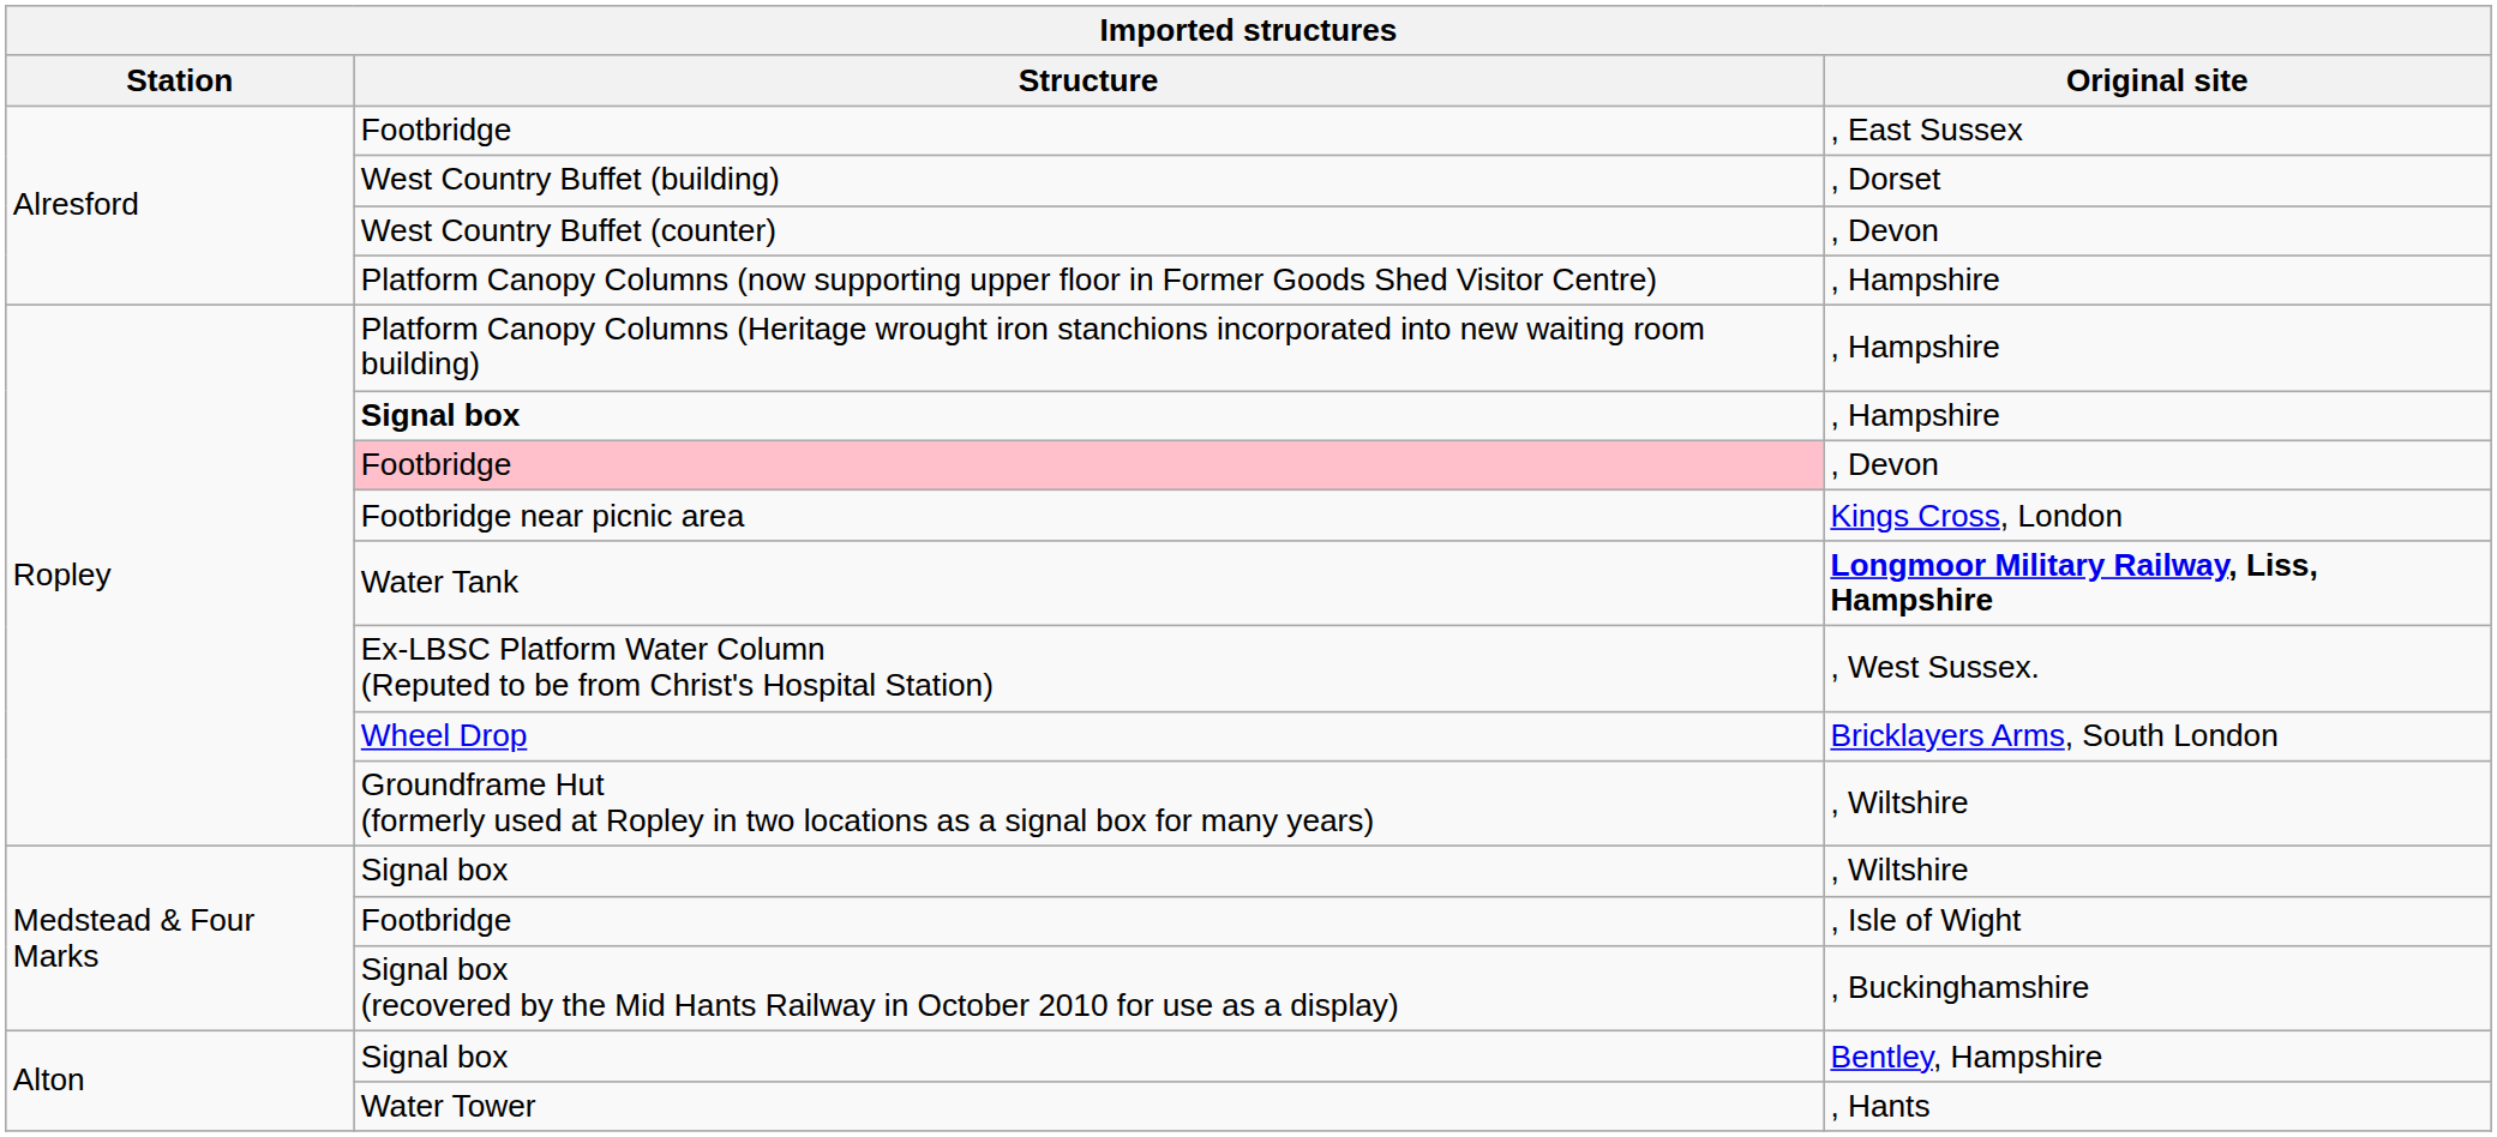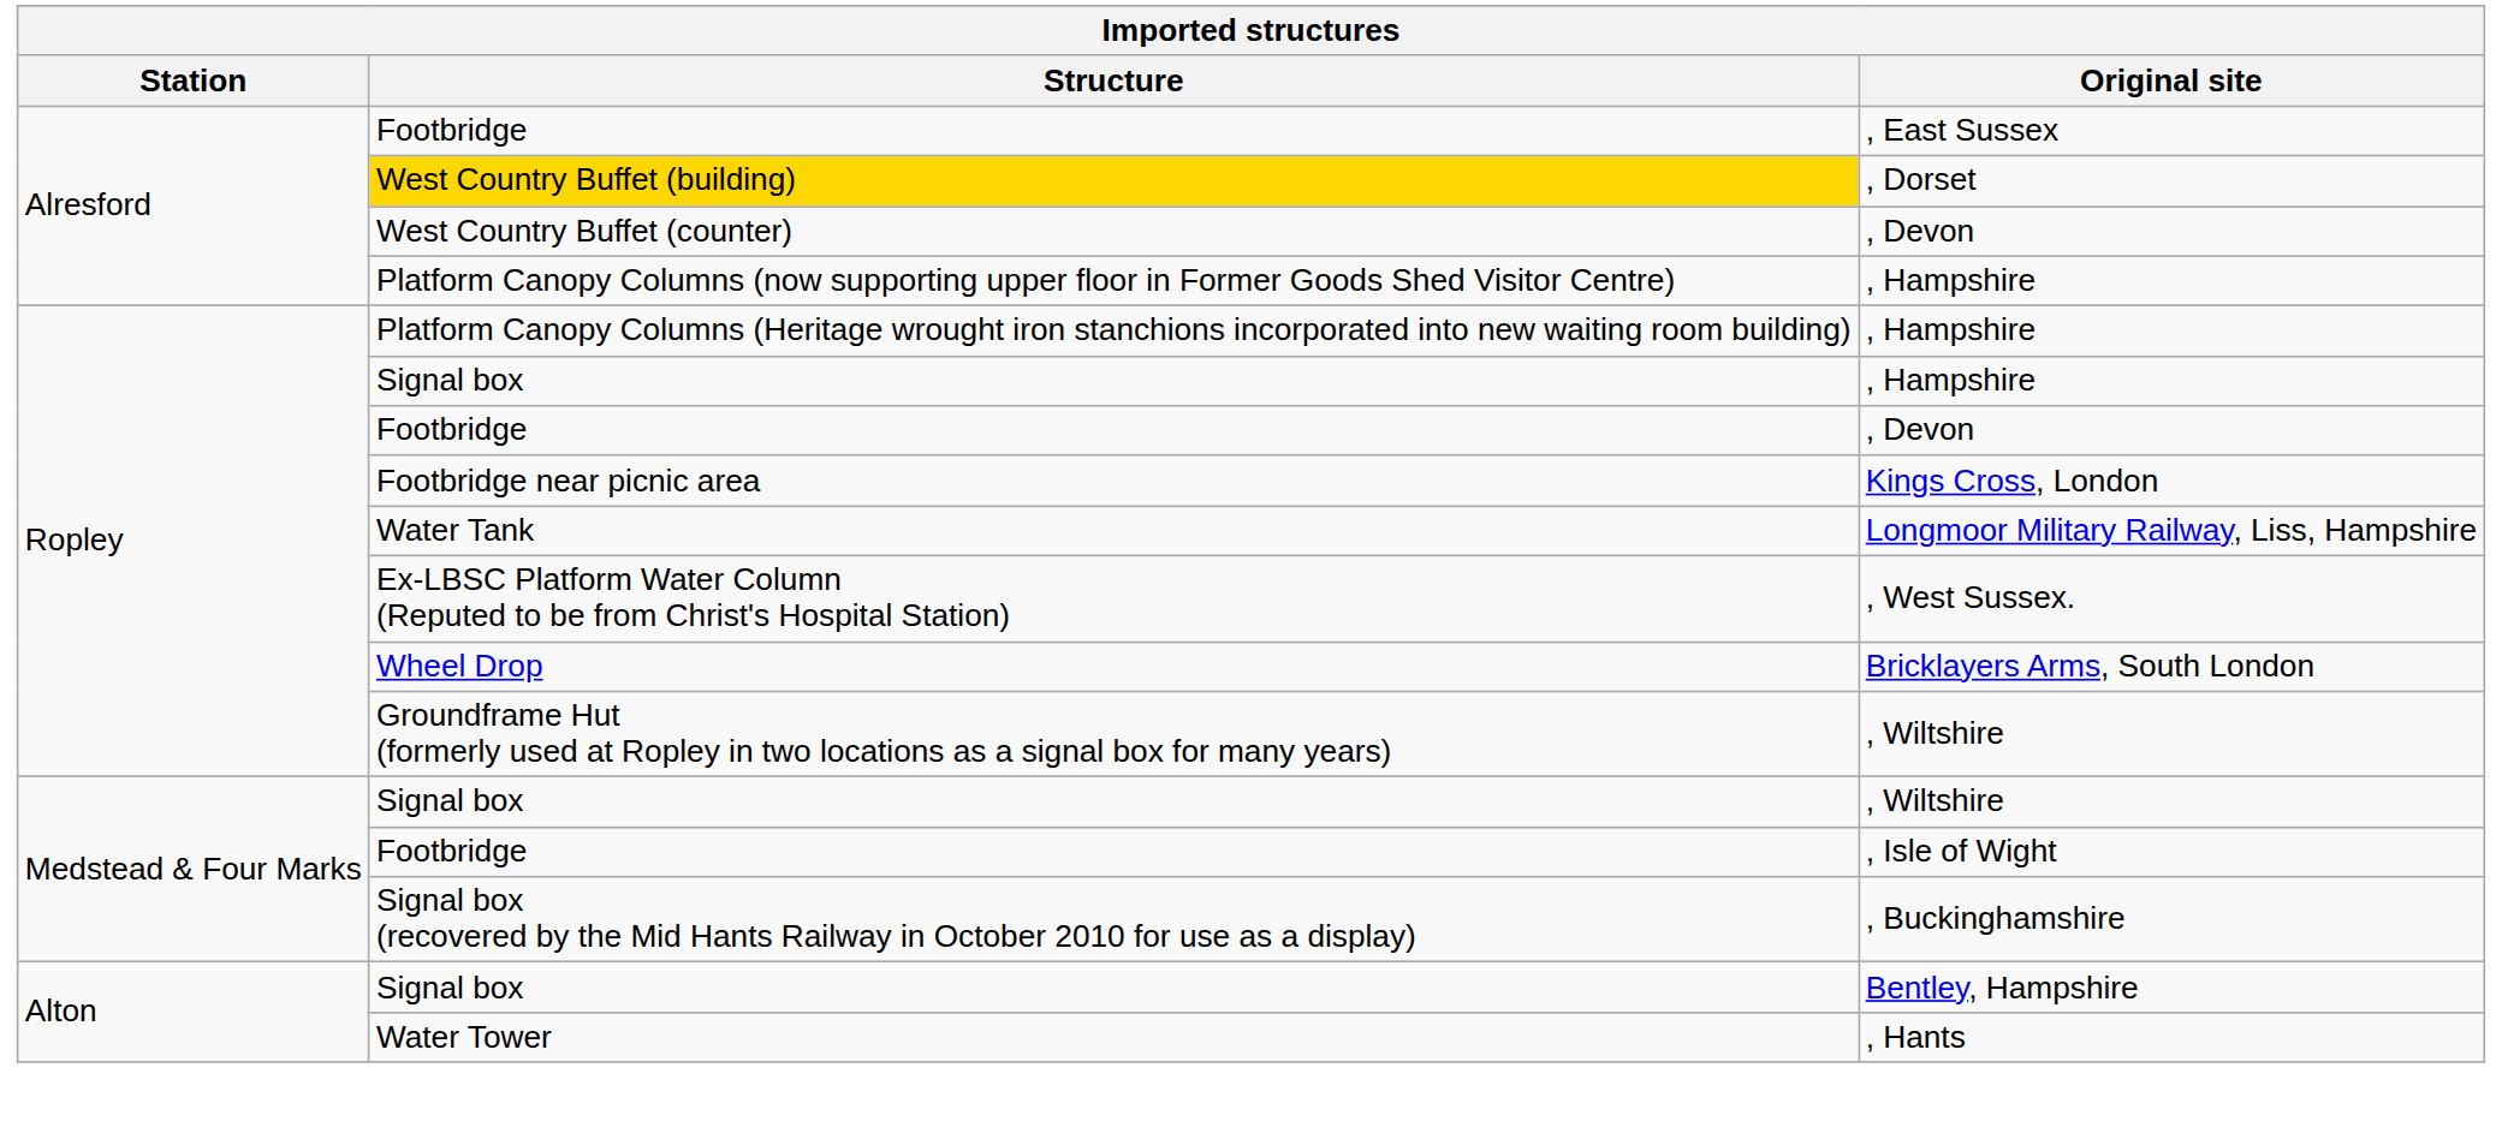 <table class="wikitable" style="margin:auto;">
 <tr>
 <th colspan=3>Imported structures</th>
 </tr>
 <tr>
 <th>Station</th>
 <th>Structure</th>
 <th>Original site</th>
 </tr>
 <tr>
 <td rowspan="4">Alresford</td>
 <td>Footbridge</td>
 <td>, East Sussex</td>
 </tr>
 <tr>
-<td>West Country Buffet (building)</td>
+<td style="background: gold;">West Country Buffet (building)</td>
 <td>, Dorset</td>
 </tr>
 <tr>
 <td>West Country Buffet (counter)</td>
 <td>, Devon</td>
 </tr>
 <tr>
 <td>Platform Canopy Columns (now supporting upper floor in Former Goods Shed Visitor Centre)</td>
 <td>, Hampshire</td>
 </tr>
 <tr>
 <td rowspan="8">Ropley</td>
 <td>Platform Canopy Columns (Heritage wrought iron stanchions incorporated into new waiting room building)</td>
 <td>, Hampshire</td>
 </tr>
 <tr>
-<td><strong>Signal box</strong></td>
+<td>Signal box</td>
 <td>, Hampshire</td>
 </tr>
 <tr>
-<td style="background: pink;">Footbridge</td>
+<td>Footbridge</td>
 <td>, Devon</td>
 </tr>
 <tr>
 <td>Footbridge near picnic area</td>
 <td><a href='#'>Kings Cross</a>, London</td>
 </tr>
 <tr>
 <td>Water Tank</td>
-<td><strong><a href='#'>Longmoor Military Railway</a>, Liss, Hampshire</strong></td>
+<td><a href='#'>Longmoor Military Railway</a>, Liss, Hampshire</td>
 </tr>
 <tr>
 <td>Ex-LBSC Platform Water Column <br>(Reputed to be from Christ's Hospital Station)</td>
 <td>, West Sussex.</td>
 </tr>
 <tr>
 <td><a href='#'>Wheel Drop</a></td>
 <td><a href='#'>Bricklayers Arms</a>, South London</td>
 </tr>
 <tr>
 <td>Groundframe Hut<br>(formerly used at Ropley in two locations as a signal box for many years)</td>
 <td>, Wiltshire</td>
 </tr>
 <tr>
 <td rowspan="3">Medstead & Four Marks</td>
 <td>Signal box</td>
 <td>, Wiltshire</td>
 </tr>
 <tr>
 <td>Footbridge</td>
 <td>, Isle of Wight</td>
 </tr>
 <tr>
 <td>Signal box <br>(recovered by the Mid Hants Railway in October 2010 for use as a display)</td>
 <td>, Buckinghamshire</td>
 </tr>
 <tr>
 <td rowspan="2">Alton</td>
 <td>Signal box</td>
 <td><a href='#'>Bentley</a>, Hampshire</td>
 </tr>
 <tr>
 <td>Water Tower</td>
 <td>, Hants</td>
 </tr>
 </table>
